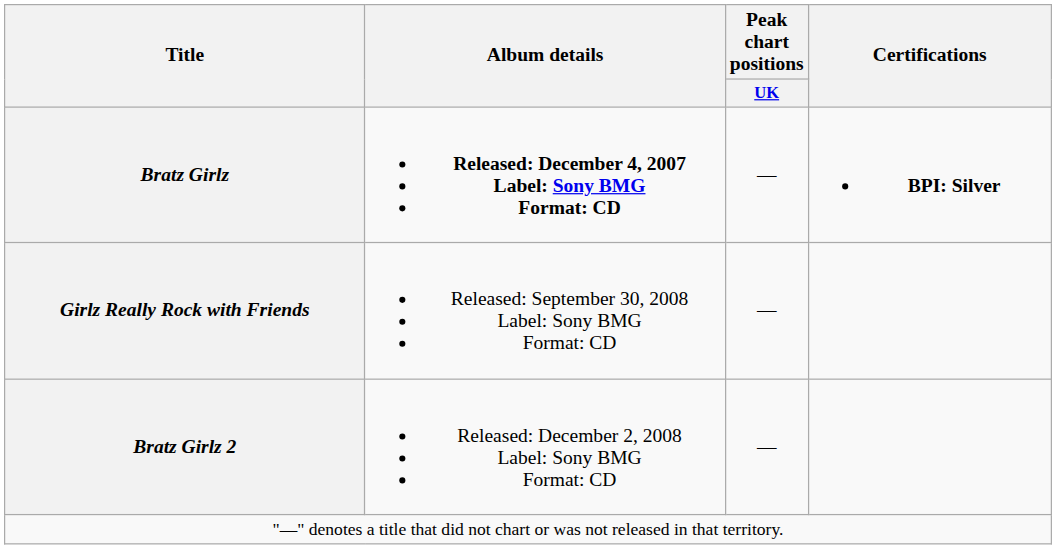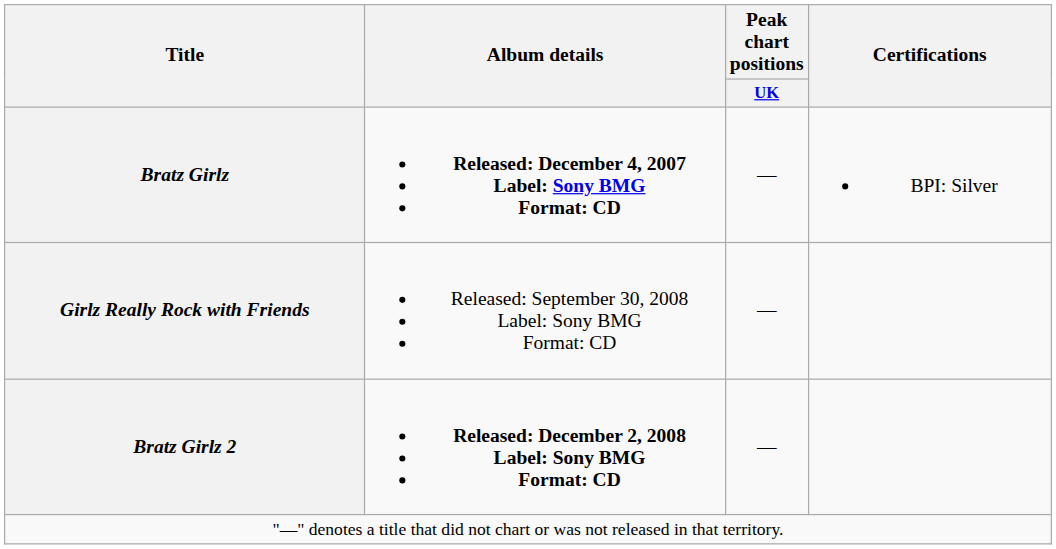 <table class="wikitable plainrowheaders" style="text-align:center;">
 <tr>
 <th scope="col" rowspan="2" style="width:18em;">Title</th>
 <th scope="col" rowspan="2" style="width:18em;">Album details</th>
 <th scope="col" colspan="1">Peak chart positions</th>
 <th scope="col" rowspan="2" style="width:12em;">Certifications</th>
 </tr>
 <tr>
 <th scope="col" style="width:2.5em; font-size:85%;"><a href='#'>UK</a><br></th>
 </tr>
 <tr>
 <th scope="row"><em>Bratz Girlz</em></th>
 <td><strong><br><ul><li>Released: December 4, 2007</li><li>Label: <a href='#'>Sony BMG</a></li><li>Format: CD</li></ul></strong></td>
 <td>—</td>
-<td><strong><br><ul><li>BPI: Silver</li></ul></strong></td>
+<td><br><ul><li>BPI: Silver</li></ul></td>
 </tr>
 <tr>
 <th scope="row"><em>Girlz Really Rock with Friends</em></th>
 <td><br><ul><li>Released: September 30, 2008</li><li>Label: Sony BMG</li><li>Format: CD</li></ul></td>
 <td>—</td>
 <td></td>
 </tr>
 <tr>
 <th scope="row"><em>Bratz Girlz 2</em></th>
-<td><br><ul><li>Released: December 2, 2008</li><li>Label: Sony BMG</li><li>Format: CD</li></ul></td>
+<td><strong><br><ul><li>Released: December 2, 2008</li><li>Label: Sony BMG</li><li>Format: CD</li></ul></strong></td>
 <td>—</td>
 <td></td>
 </tr>
 <tr>
 <td colspan="10" style="font-size:90%">"—" denotes a title that did not chart or was not released in that territory.</td>
 </tr>
 </table>
